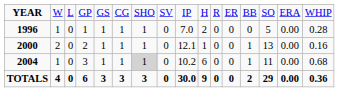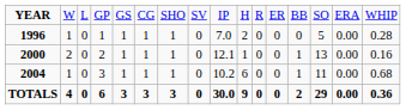 <table class="wikitable" style="text-align:center;">
 <tr>
 <td><strong>YEAR</strong></td>
 <td><a href='#'>W</a></td>
 <td><a href='#'>L</a></td>
 <td><a href='#'>GP</a></td>
 <td><a href='#'>GS</a></td>
 <td><a href='#'>CG</a></td>
 <td><a href='#'>SHO</a></td>
 <td><a href='#'>SV</a></td>
 <td><a href='#'>IP</a></td>
 <td><a href='#'>H</a></td>
 <td><a href='#'>R</a></td>
 <td><a href='#'>ER</a></td>
 <td><a href='#'>BB</a></td>
 <td><a href='#'>SO</a></td>
 <td><a href='#'>ERA</a></td>
 <td><a href='#'>WHIP</a></td>
 </tr>
 <tr>
 <td><strong>1996</strong></td>
 <td>1</td>
 <td>0</td>
 <td>1</td>
 <td>1</td>
 <td>1</td>
 <td>1</td>
 <td>0</td>
 <td>7.0</td>
 <td>2</td>
 <td>0</td>
 <td>0</td>
 <td>0</td>
 <td>5</td>
 <td>0.00</td>
 <td>0.28</td>
 </tr>
 <tr>
 <td><strong>2000</strong></td>
 <td>2</td>
 <td>0</td>
 <td>2</td>
 <td>1</td>
 <td>1</td>
 <td>1</td>
 <td>0</td>
 <td>12.1</td>
 <td>1</td>
 <td>0</td>
 <td>0</td>
 <td>1</td>
 <td>13</td>
 <td>0.00</td>
 <td>0.16</td>
 </tr>
 <tr>
 <td><strong>2004</strong></td>
 <td>1</td>
 <td>0</td>
 <td>3</td>
 <td>1</td>
 <td>1</td>
-<td style="background: lightgrey;">1</td>
+<td>1</td>
 <td>0</td>
 <td>10.2</td>
 <td>6</td>
 <td>0</td>
 <td>0</td>
 <td>1</td>
 <td>11</td>
 <td>0.00</td>
 <td>0.68</td>
 </tr>
 <tr>
 <td><strong>TOTALS</strong></td>
 <td><strong>4</strong></td>
 <td><strong>0</strong></td>
 <td><strong>6</strong></td>
 <td><strong>3</strong></td>
 <td><strong>3</strong></td>
 <td><strong>3</strong></td>
 <td><strong>0</strong></td>
 <td><strong>30.0</strong></td>
 <td><strong>9</strong></td>
 <td><strong>0</strong></td>
 <td><strong>0</strong></td>
 <td><strong>2</strong></td>
 <td><strong>29</strong></td>
 <td><strong>0.00</strong></td>
 <td><strong>0.36</strong></td>
 </tr>
 </table>
